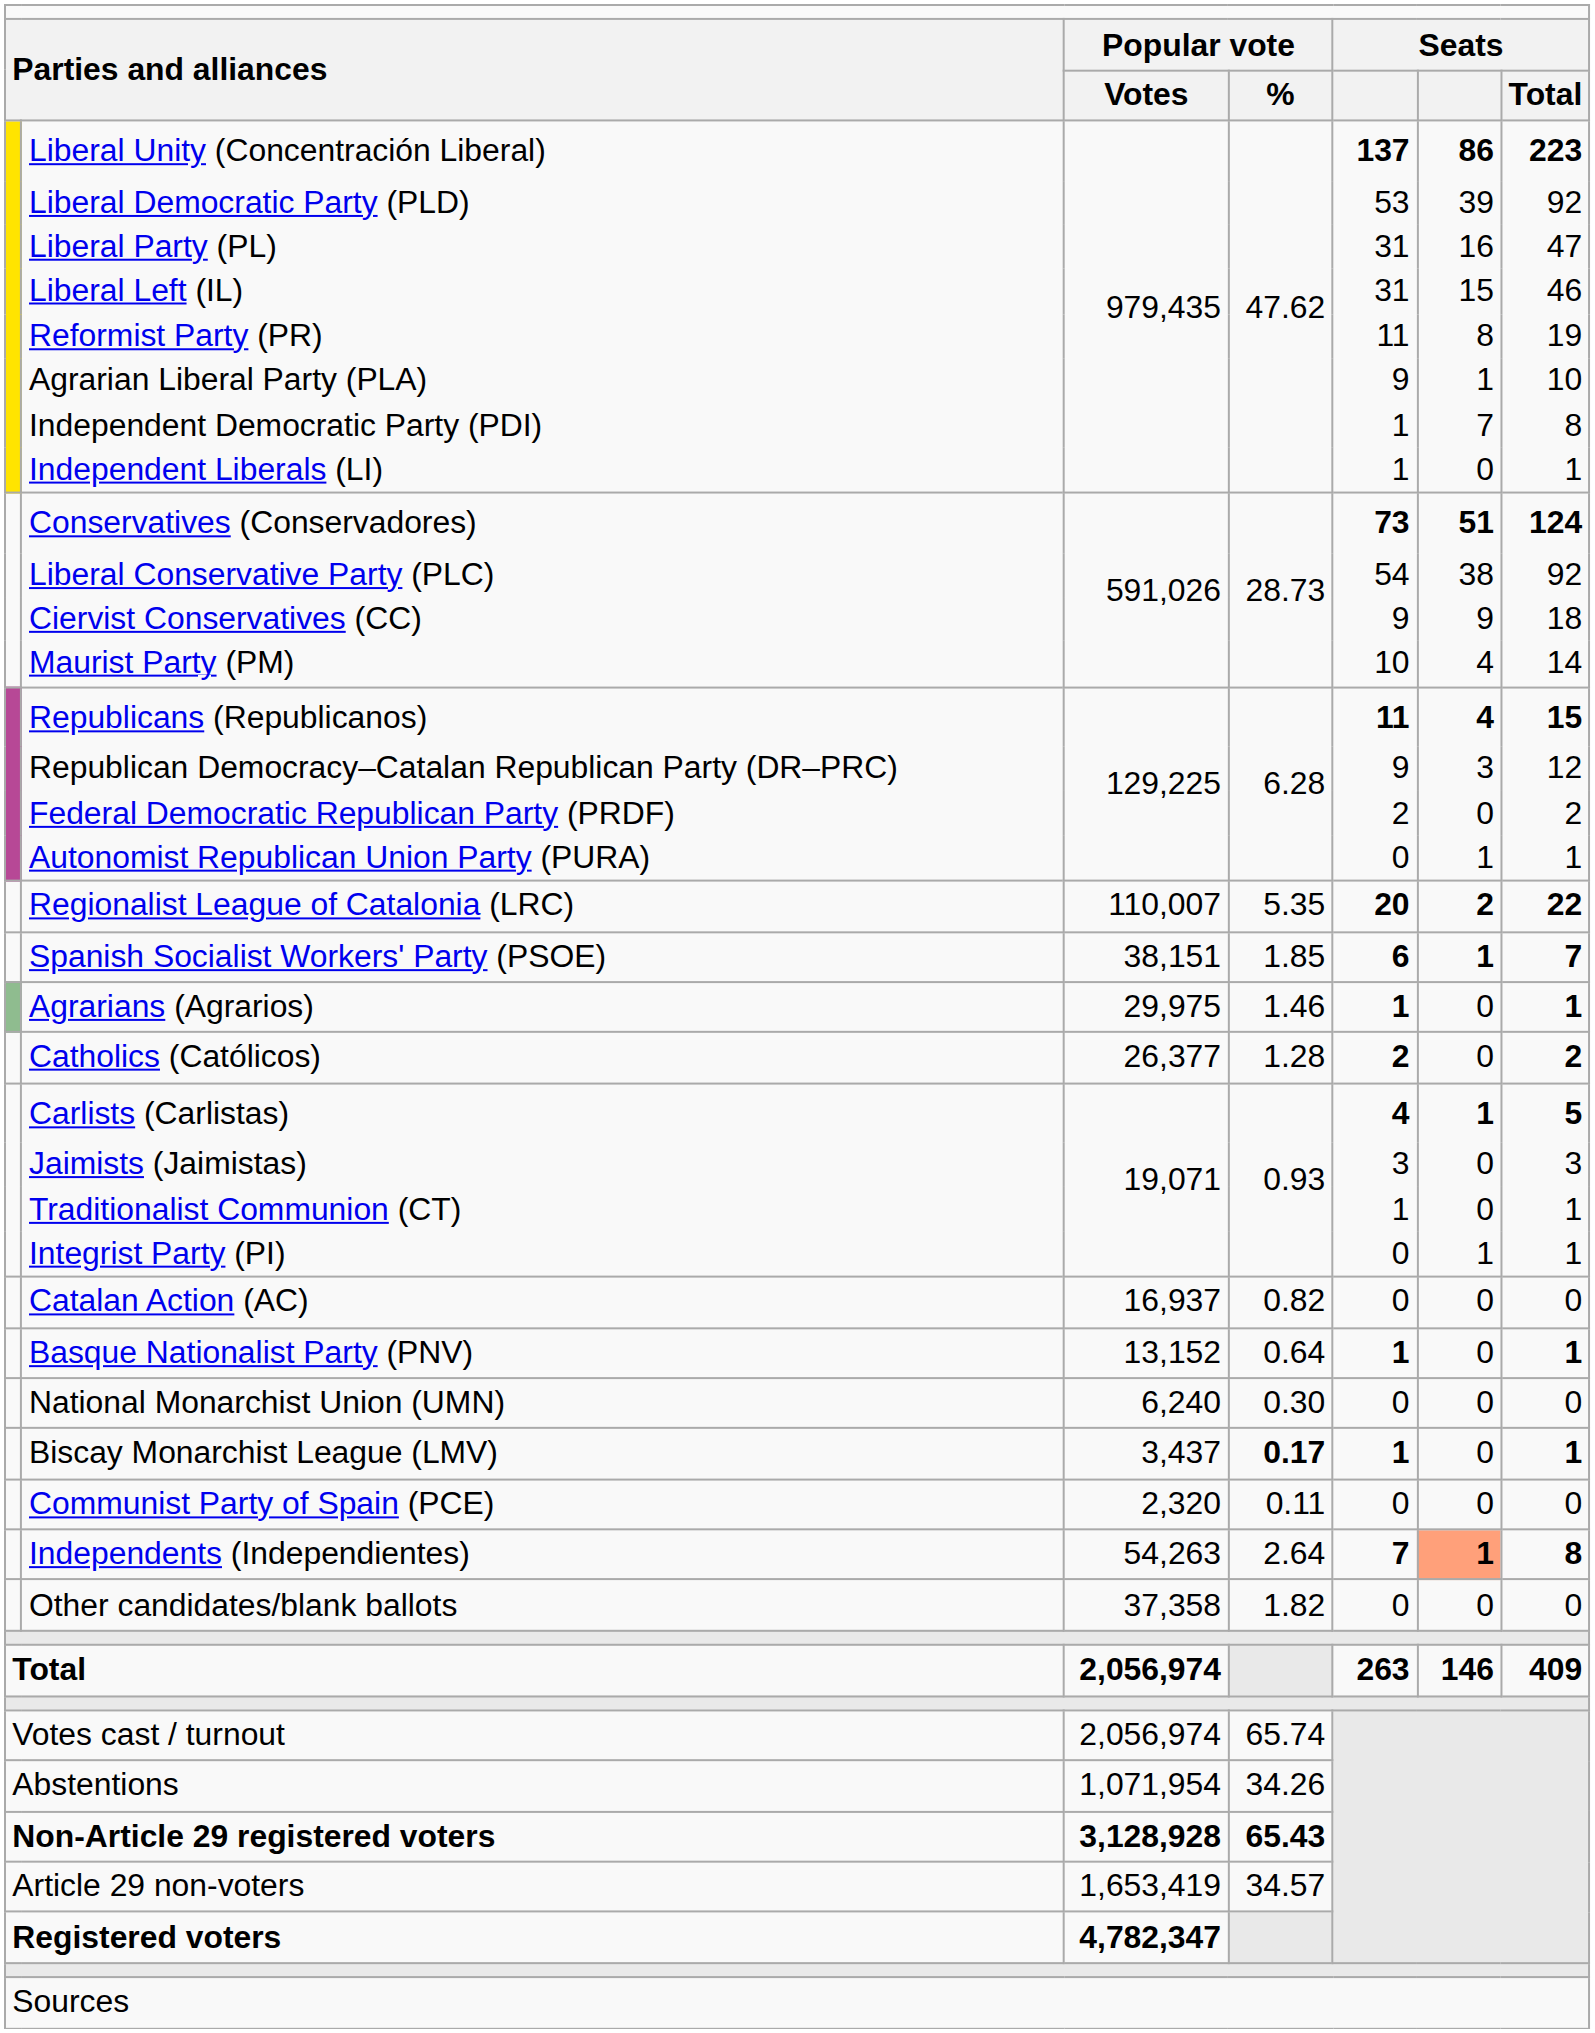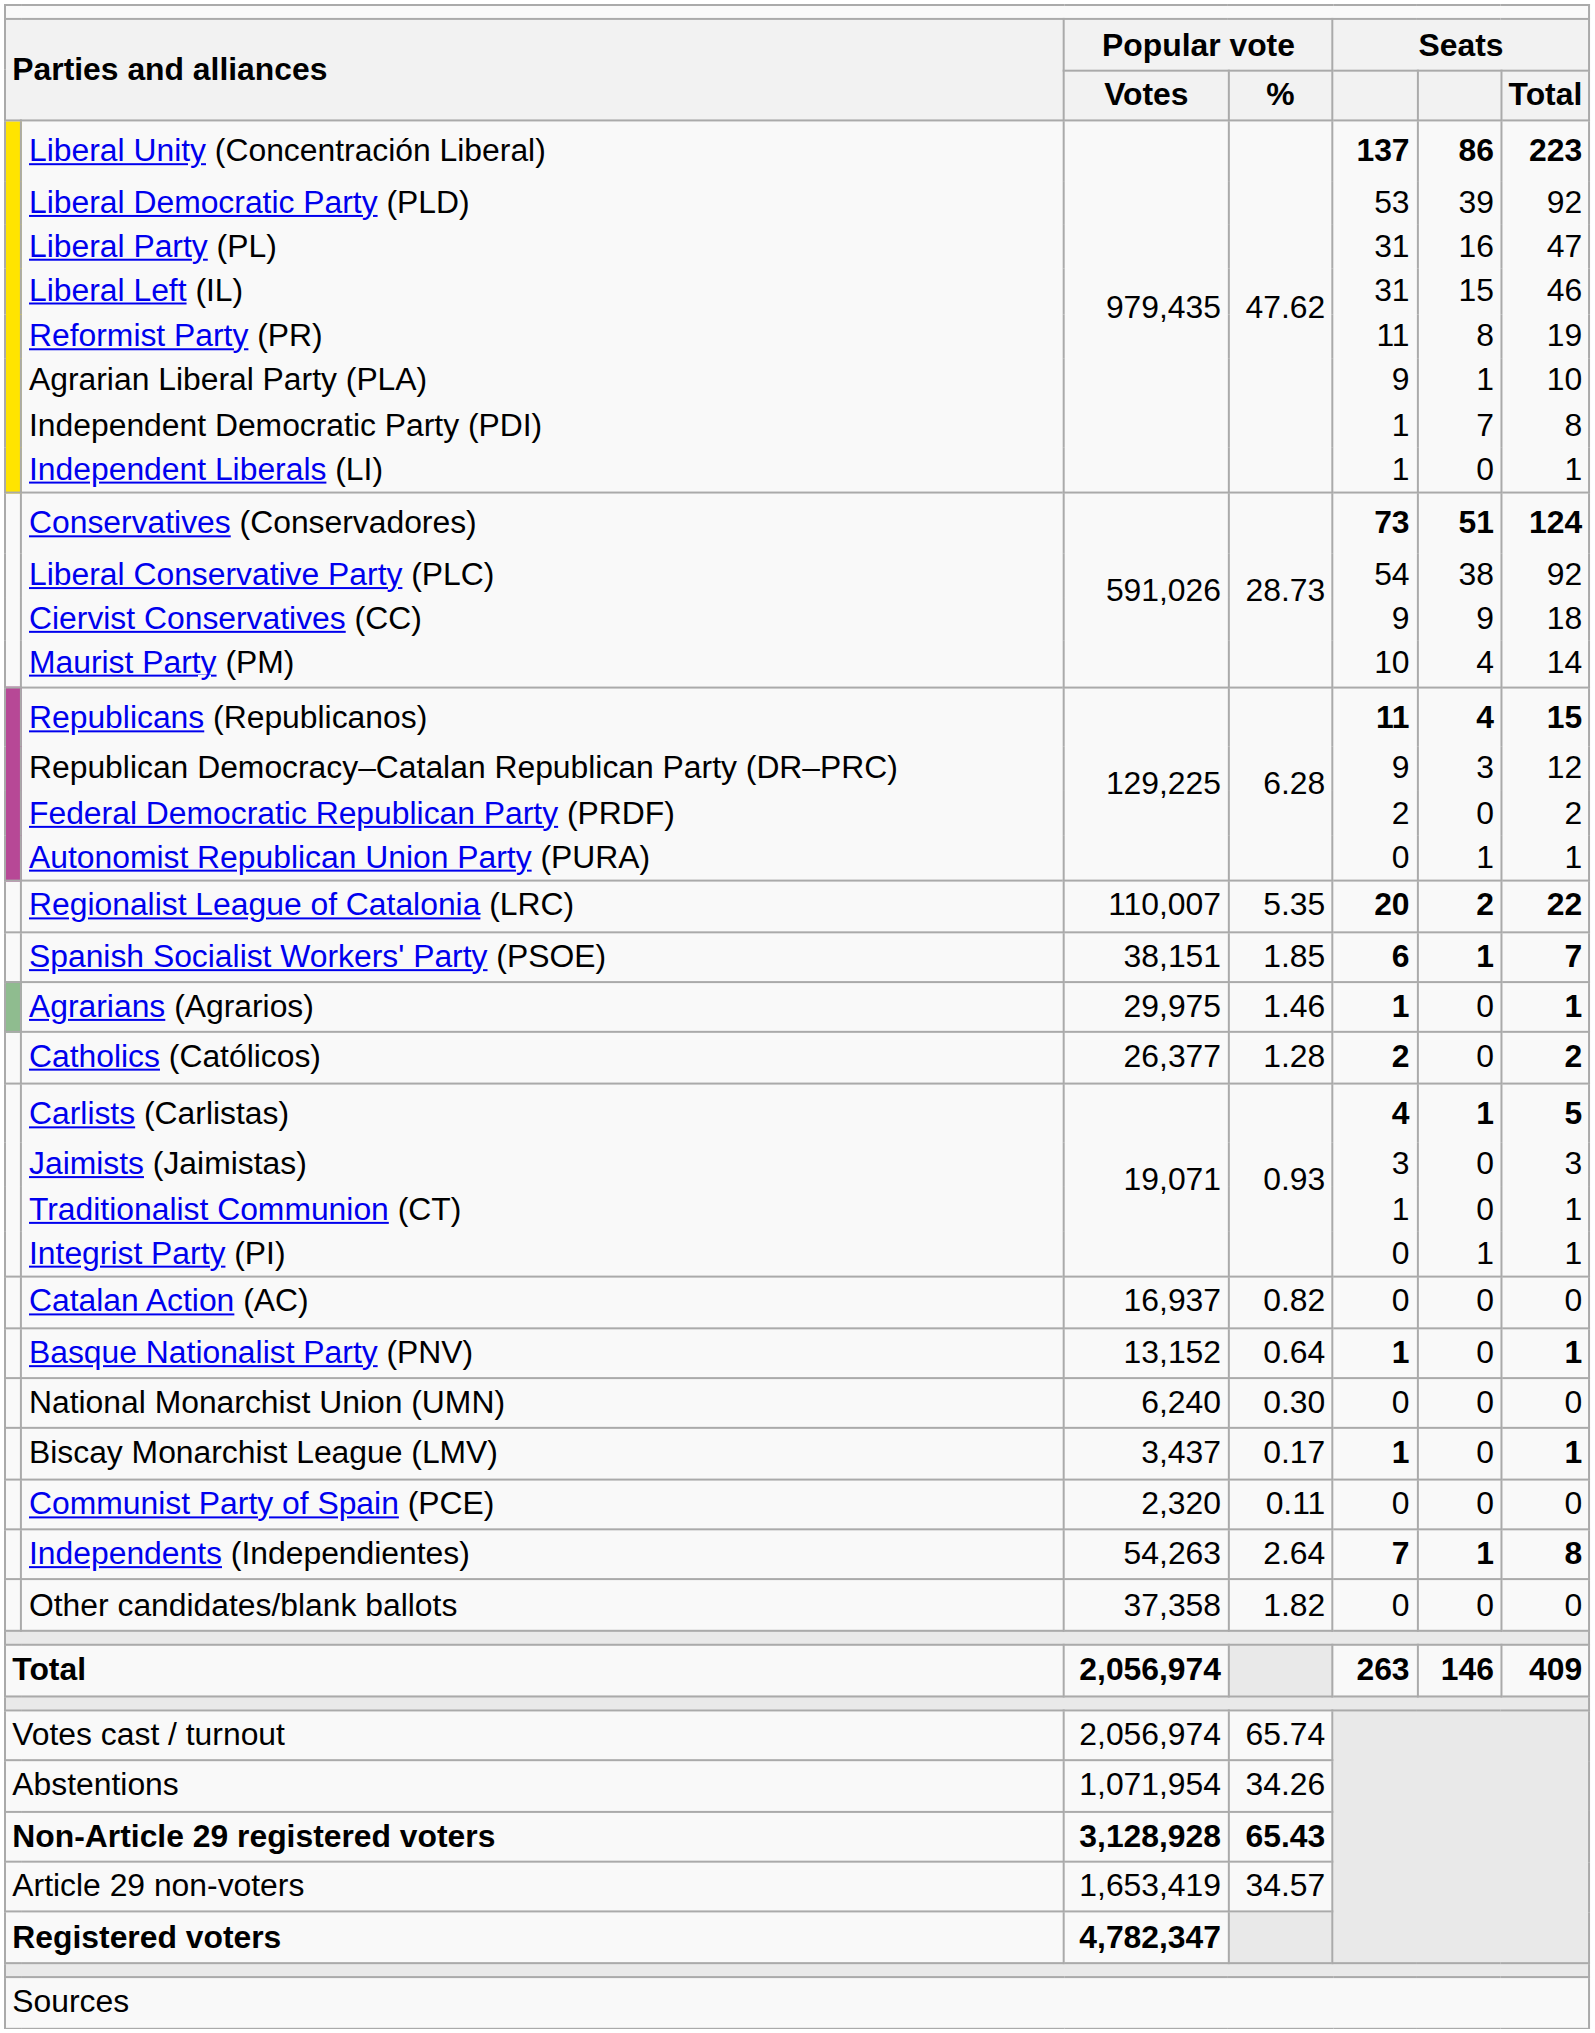 <table class="wikitable" style="text-align:right;">
 <tr>
 <td colspan="7"></td>
 </tr>
 <tr>
 <th style="text-align:left;" rowspan="2" colspan="2" width="525">Parties and alliances</th>
 <th colspan="2">Popular vote</th>
 <th colspan="3">Seats</th>
 </tr>
 <tr>
 <th width="75">Votes</th>
 <th width="45">%</th>
 <th width="35"></th>
 <th width="35"></th>
 <th width="35">Total</th>
 </tr>
 <tr style="line-height:23px;">
 <td width="1" rowspan="8" bgcolor="#FFE400"></td>
 <td align="left"><a href='#'>Liberal Unity</a> (Concentración Liberal)</td>
 <td rowspan="8">979,435</td>
 <td rowspan="8">47.62</td>
 <td><strong>137</strong></td>
 <td><strong>86</strong></td>
 <td><strong>223</strong></td>
 </tr>
 <tr style="border-bottom-style:hidden; border-top-style:hidden; line-height:16px;">
 <td align="left"><span><a href='#'>Liberal Democratic Party</a> (PLD)</span></td>
 <td>53</td>
 <td>39</td>
 <td>92</td>
 </tr>
 <tr style="border-bottom-style:hidden; line-height:16px;">
 <td align="left"><span><a href='#'>Liberal Party</a> (PL)</span></td>
 <td>31</td>
 <td>16</td>
 <td>47</td>
 </tr>
 <tr style="border-bottom-style:hidden; line-height:16px;">
 <td align="left"><span><a href='#'>Liberal Left</a> (IL)</span></td>
 <td>31</td>
 <td>15</td>
 <td>46</td>
 </tr>
 <tr style="border-bottom-style:hidden; line-height:16px;">
 <td align="left"><span><a href='#'>Reformist Party</a> (PR)</span></td>
 <td>11</td>
 <td>8</td>
 <td>19</td>
 </tr>
 <tr style="border-bottom-style:hidden; line-height:16px;">
 <td align="left"><span>Agrarian Liberal Party (PLA)</span></td>
 <td>9</td>
 <td>1</td>
 <td>10</td>
 </tr>
 <tr style="border-bottom-style:hidden; line-height:16px;">
 <td align="left"><span>Independent Democratic Party (PDI)</span></td>
 <td>1</td>
 <td>7</td>
 <td>8</td>
 </tr>
 <tr style="line-height:16px;">
 <td align="left"><span><a href='#'>Independent Liberals</a> (LI)</span></td>
 <td>1</td>
 <td>0</td>
 <td>1</td>
 </tr>
 <tr style="line-height:23px;">
 <td rowspan="4" style="color:inherit;background:"></td>
 <td align="left"><a href='#'>Conservatives</a> (Conservadores)</td>
 <td rowspan="4">591,026</td>
 <td rowspan="4">28.73</td>
 <td><strong>73</strong></td>
 <td><strong>51</strong></td>
 <td><strong>124</strong></td>
 </tr>
 <tr style="border-bottom-style:hidden; border-top-style:hidden; line-height:16px;">
 <td align="left"><span><a href='#'>Liberal Conservative Party</a> (PLC)</span></td>
 <td>54</td>
 <td>38</td>
 <td>92</td>
 </tr>
 <tr style="border-bottom-style:hidden; line-height:16px;">
 <td align="left"><span><a href='#'>Ciervist Conservatives</a> (CC)</span></td>
 <td>9</td>
 <td>9</td>
 <td>18</td>
 </tr>
 <tr style="line-height:16px;">
 <td align="left"><span><a href='#'>Maurist Party</a> (PM)</span></td>
 <td>10</td>
 <td>4</td>
 <td>14</td>
 </tr>
 <tr style="line-height:23px;">
 <td rowspan="4" bgcolor="#B74896"></td>
 <td align="left"><a href='#'>Republicans</a> (Republicanos)</td>
 <td rowspan="4">129,225</td>
 <td rowspan="4">6.28</td>
 <td><strong>11</strong></td>
 <td><strong>4</strong></td>
 <td><strong>15</strong></td>
 </tr>
 <tr style="border-bottom-style:hidden; border-top-style:hidden; line-height:16px;">
 <td align="left"><span>Republican Democracy–Catalan Republican Party (DR–PRC)</span></td>
 <td>9</td>
 <td>3</td>
 <td>12</td>
 </tr>
 <tr style="border-bottom-style:hidden; line-height:16px;">
 <td align="left"><span><a href='#'>Federal Democratic Republican Party</a> (PRDF)</span></td>
 <td>2</td>
 <td>0</td>
 <td>2</td>
 </tr>
 <tr style="line-height:16px;">
 <td align="left"><span><a href='#'>Autonomist Republican Union Party</a> (PURA)</span></td>
 <td>0</td>
 <td>1</td>
 <td>1</td>
 </tr>
 <tr>
 <td style="color:inherit;background:"></td>
 <td align="left"><a href='#'>Regionalist League of Catalonia</a> (LRC)</td>
 <td>110,007</td>
 <td>5.35</td>
 <td><strong>20</strong></td>
 <td><strong>2</strong></td>
 <td><strong>22</strong></td>
 </tr>
 <tr>
 <td style="color:inherit;background:"></td>
 <td align="left"><a href='#'>Spanish Socialist Workers' Party</a> (PSOE)</td>
 <td>38,151</td>
 <td>1.85</td>
 <td><strong>6</strong></td>
 <td><strong>1</strong></td>
 <td><strong>7</strong></td>
 </tr>
 <tr>
 <td style="color:inherit;background:#8FBC8F"></td>
 <td align="left"><a href='#'>Agrarians</a> (Agrarios)</td>
 <td>29,975</td>
 <td>1.46</td>
 <td><strong>1</strong></td>
 <td>0</td>
 <td><strong>1</strong></td>
 </tr>
 <tr>
 <td style="color:inherit;background:"></td>
 <td align="left"><a href='#'>Catholics</a> (Católicos)</td>
 <td>26,377</td>
 <td>1.28</td>
 <td><strong>2</strong></td>
 <td>0</td>
 <td><strong>2</strong></td>
 </tr>
 <tr style="line-height:23px;">
 <td rowspan="4" style="color:inherit;background:"></td>
 <td align="left"><a href='#'>Carlists</a> (Carlistas)</td>
 <td rowspan="4">19,071</td>
 <td rowspan="4">0.93</td>
 <td><strong>4</strong></td>
 <td><strong>1</strong></td>
 <td><strong>5</strong></td>
 </tr>
 <tr style="border-bottom-style:hidden; border-top-style:hidden; line-height:16px;">
 <td align="left"><span><a href='#'>Jaimists</a> (Jaimistas)</span></td>
 <td>3</td>
 <td>0</td>
 <td>3</td>
 </tr>
 <tr style="border-bottom-style:hidden; line-height:16px;">
 <td align="left"><span><a href='#'>Traditionalist Communion</a> (CT)</span></td>
 <td>1</td>
 <td>0</td>
 <td>1</td>
 </tr>
 <tr style="line-height:16px;">
 <td align="left"><span><a href='#'>Integrist Party</a> (PI)</span></td>
 <td>0</td>
 <td>1</td>
 <td>1</td>
 </tr>
 <tr>
 <td style="color:inherit;background:"></td>
 <td align="left"><a href='#'>Catalan Action</a> (AC)</td>
 <td>16,937</td>
 <td>0.82</td>
 <td>0</td>
 <td>0</td>
 <td>0</td>
 </tr>
 <tr>
 <td style="color:inherit;background:"></td>
 <td align="left"><a href='#'>Basque Nationalist Party</a> (PNV)</td>
 <td>13,152</td>
 <td>0.64</td>
 <td><strong>1</strong></td>
 <td>0</td>
 <td><strong>1</strong></td>
 </tr>
 <tr>
 <td style="color:inherit;background:"></td>
 <td align="left">National Monarchist Union (UMN)</td>
 <td>6,240</td>
 <td>0.30</td>
 <td>0</td>
 <td>0</td>
 <td>0</td>
 </tr>
 <tr>
 <td style="color:inherit;background:"></td>
 <td align="left">Biscay Monarchist League (LMV)</td>
 <td>3,437</td>
-<td><strong>0.17</strong></td>
+<td>0.17</td>
 <td><strong>1</strong></td>
 <td>0</td>
 <td><strong>1</strong></td>
 </tr>
 <tr>
 <td style="color:inherit;background:"></td>
 <td align="left"><a href='#'>Communist Party of Spain</a> (PCE)</td>
 <td>2,320</td>
 <td>0.11</td>
 <td>0</td>
 <td>0</td>
 <td>0</td>
 </tr>
 <tr>
 <td style="color:inherit;background:"></td>
 <td align="left"><a href='#'>Independents</a> (Independientes)</td>
 <td>54,263</td>
 <td>2.64</td>
 <td><strong>7</strong></td>
-<td style="background: lightsalmon;"><strong>1</strong></td>
+<td><strong>1</strong></td>
 <td><strong>8</strong></td>
 </tr>
 <tr>
 <td style="color:inherit;background:"></td>
 <td align="left">Other candidates/blank ballots</td>
 <td>37,358</td>
 <td>1.82</td>
 <td>0</td>
 <td>0</td>
 <td>0</td>
 </tr>
 <tr>
 <td colspan="7" bgcolor="#E9E9E9"></td>
 </tr>
 <tr style="font-weight:bold;">
 <td align="left" colspan="2">Total</td>
 <td>2,056,974</td>
 <td bgcolor="#E9E9E9"></td>
 <td>263</td>
 <td>146</td>
 <td>409</td>
 </tr>
 <tr>
 <td colspan="7" bgcolor="#E9E9E9"></td>
 </tr>
 <tr>
 <td align="left" colspan="2">Votes cast / turnout</td>
 <td>2,056,974</td>
 <td>65.74</td>
 <td bgcolor="#E9E9E9" colspan="3" rowspan="5"></td>
 </tr>
 <tr>
 <td align="left" colspan="2">Abstentions</td>
 <td>1,071,954</td>
 <td>34.26</td>
 </tr>
 <tr style="font-weight:bold;">
 <td align="left" colspan="2">Non-Article 29 registered voters</td>
 <td>3,128,928</td>
 <td>65.43</td>
 </tr>
 <tr>
 <td align="left" colspan="2">Article 29 non-voters</td>
 <td>1,653,419</td>
 <td>34.57</td>
 </tr>
 <tr style="font-weight:bold;">
 <td align="left" colspan="2">Registered voters</td>
 <td>4,782,347</td>
 <td bgcolor="#E9E9E9"></td>
 </tr>
 <tr>
 <td colspan="7" bgcolor="#E9E9E9"></td>
 </tr>
 <tr>
 <td align="left" colspan="7">Sources</td>
 </tr>
 </table>
